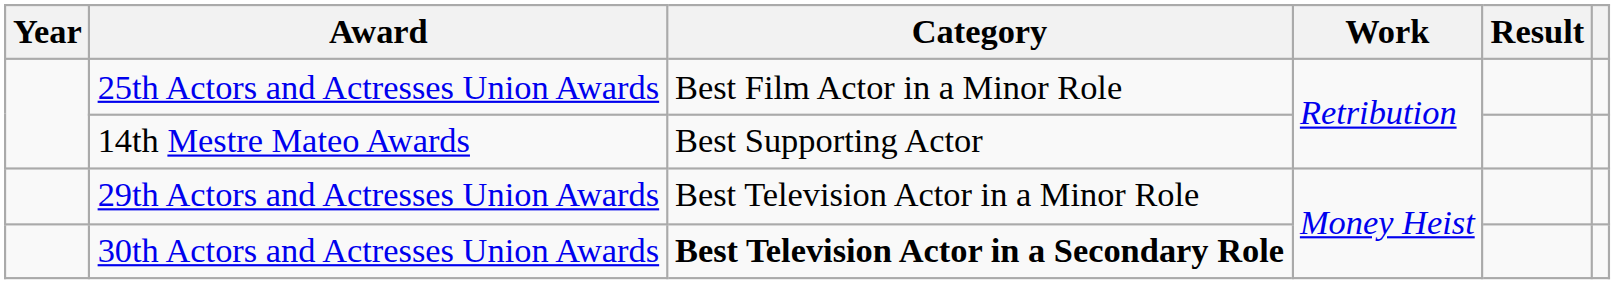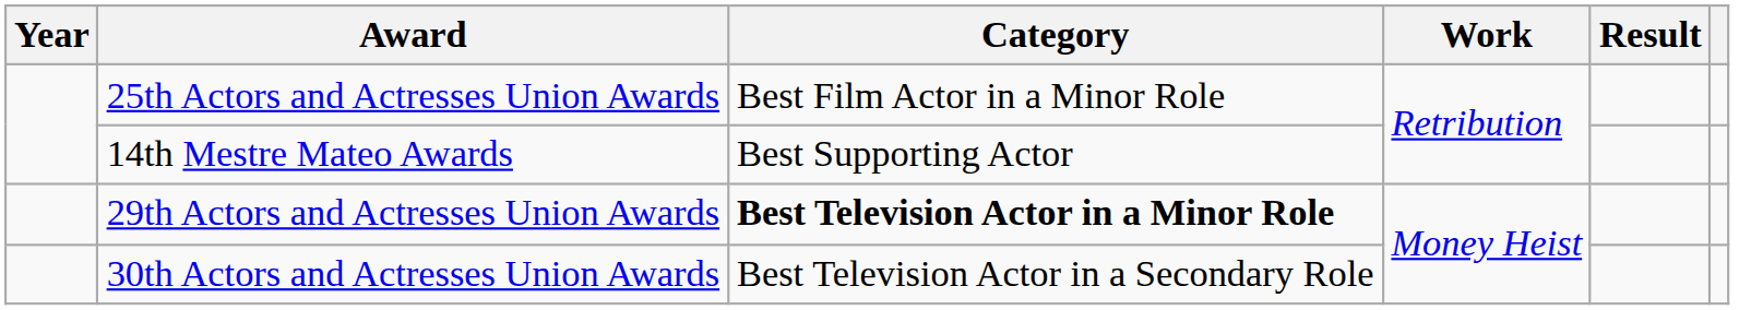 <table class="wikitable" text-align:left;">
 <tr>
 <th>Year</th>
 <th>Award</th>
 <th>Category</th>
 <th>Work</th>
 <th>Result</th>
 <th></th>
 </tr>
 <tr>
 <td rowspan = "2"></td>
 <td><a href='#'>25th Actors and Actresses Union Awards</a></td>
 <td>Best Film Actor in a Minor Role</td>
 <td rowspan = "2"><em><a href='#'>Retribution</a></em></td>
 <td></td>
 <td></td>
 </tr>
 <tr>
 <td>14th <a href='#'>Mestre Mateo Awards</a></td>
 <td>Best Supporting Actor</td>
 <td></td>
 <td></td>
 </tr>
 <tr>
 <td></td>
 <td><a href='#'>29th Actors and Actresses Union Awards</a></td>
-<td>Best Television Actor in a Minor Role</td>
+<td><strong>Best Television Actor in a Minor Role</strong></td>
 <td rowspan = "2"><em><a href='#'>Money Heist</a></em></td>
 <td></td>
 <td></td>
 </tr>
 <tr>
 <td></td>
 <td><a href='#'>30th Actors and Actresses Union Awards</a></td>
-<td><strong>Best Television Actor in a Secondary Role</strong></td>
+<td>Best Television Actor in a Secondary Role</td>
 <td></td>
 <td></td>
 </tr>
 </table>
